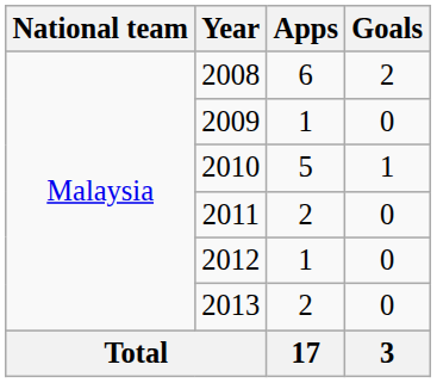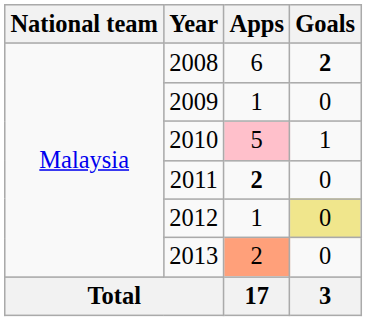 <table class=wikitable style="text-align: center;">
 <tr>
 <th>National team</th>
 <th>Year</th>
 <th>Apps</th>
 <th>Goals</th>
 </tr>
 <tr>
 <td rowspan=6><a href='#'>Malaysia</a></td>
 <td>2008</td>
 <td>6</td>
-<td>2</td>
+<td><strong>2</strong></td>
 </tr>
 <tr>
 <td>2009</td>
 <td>1</td>
 <td>0</td>
 </tr>
 <tr>
 <td>2010</td>
-<td>5</td>
+<td style="background: pink;">5</td>
 <td>1</td>
 </tr>
 <tr>
 <td>2011</td>
-<td>2</td>
+<td><strong>2</strong></td>
 <td>0</td>
 </tr>
 <tr>
 <td>2012</td>
 <td>1</td>
-<td>0</td>
+<td style="background: khaki;">0</td>
 </tr>
 <tr>
 <td>2013</td>
-<td>2</td>
+<td style="background: lightsalmon;">2</td>
 <td>0</td>
 </tr>
 <tr>
 <th colspan=2>Total</th>
 <th>17</th>
 <th>3</th>
 </tr>
 </table>
